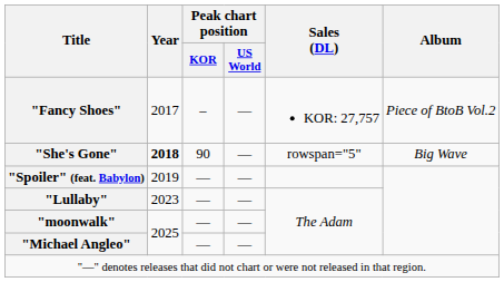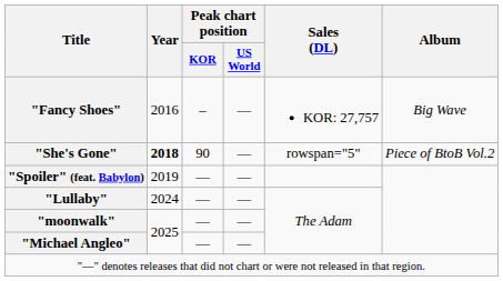 <table class="wikitable plainrowheaders" style="text-align:center;">
 <tr>
 <th rowspan="2">Title</th>
 <th rowspan="2">Year</th>
 <th colspan="2">Peak chart position</th>
 <th rowspan="2">Sales<br>(<a href='#'>DL</a>)</th>
 <th rowspan="2">Album</th>
 </tr>
 <tr>
 <th scope="col" style="width:3em;font-size:85%;"><a href='#'>KOR</a><br></th>
 <th scope="col" style="width:3em;font-size:85%;"><a href='#'>US<br>World</a></th>
 </tr>
 <tr>
 <th scope="row">"Fancy Shoes"</th>
-<td>2017</td>
+<td>2016</td>
 <td>–</td>
 <td>—</td>
 <td><br><ul><li>KOR: 27,757</li></ul></td>
-<td><em>Piece of BtoB Vol.2</em></td>
+<td><em>Big Wave</em></td>
 </tr>
 <tr>
 <th scope="row">"She's Gone"</th>
 <td><strong>2018</strong></td>
 <td>90</td>
 <td>—</td>
 <td>rowspan="5" </td>
-<td><em>Big Wave</em></td>
+<td><em>Piece of BtoB Vol.2</em></td>
 </tr>
 <tr>
 <th scope="row">"Spoiler" <small>(feat. <a href='#'>Babylon</a>)</small></th>
 <td>2019</td>
 <td>—</td>
 <td>—</td>
 <td></td>
 </tr>
 <tr>
 <th scope="row">"Lullaby"</th>
-<td>2023</td>
+<td>2024</td>
 <td>—</td>
 <td>—</td>
 <td rowspan="3"><em>The Adam</em></td>
 </tr>
 <tr>
 <th scope="row">"moonwalk"</th>
 <td rowspan="2">2025</td>
 <td>—</td>
 <td>—</td>
 </tr>
 <tr>
 <th scope="row">"Michael Angleo"</th>
 <td>—</td>
 <td>—</td>
 </tr>
 <tr>
 <td colspan="6"><small>"—" denotes releases that did not chart or were not released in that region.</small></td>
 </tr>
 </table>
